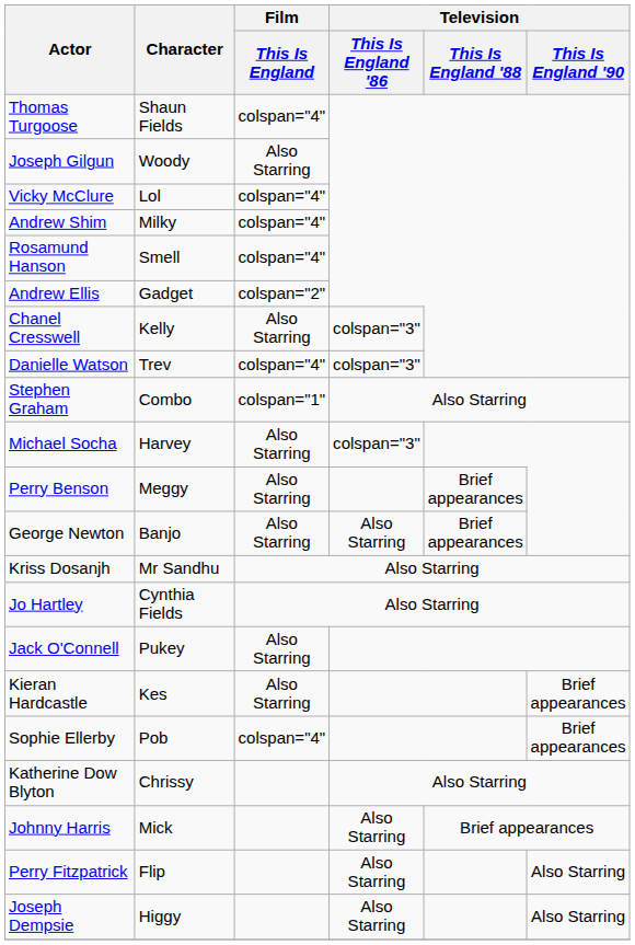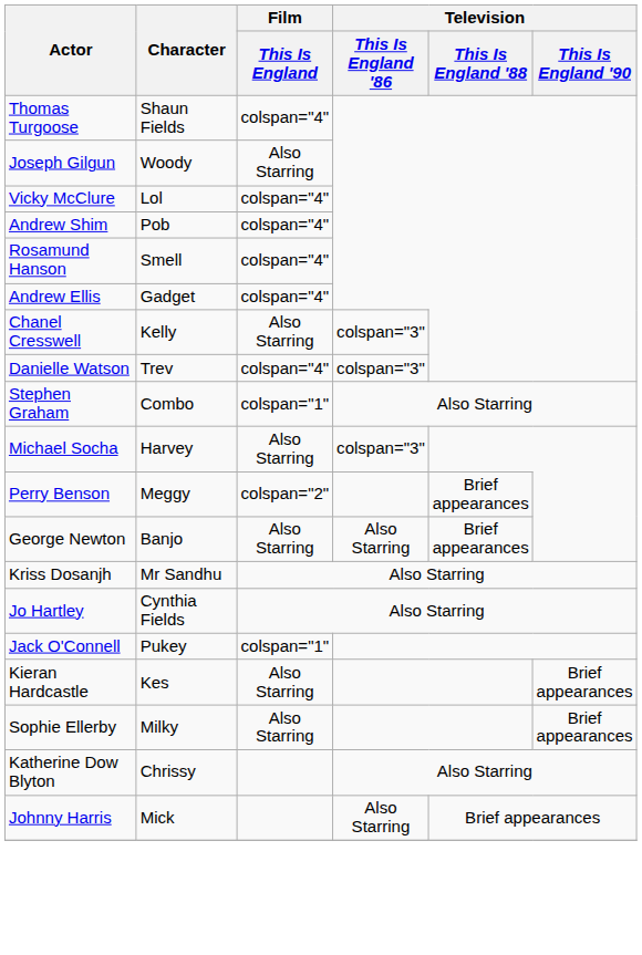 <table class="wikitable">
 <tr>
 <th rowspan="2">Actor</th>
 <th rowspan="2">Character</th>
 <th>Film</th>
 <th colspan="3">Television</th>
 </tr>
 <tr>
 <th style="width:11.16%;"><em><a href='#'>This Is England</a></em></th>
 <th style="width:11.16%;"><em><a href='#'>This Is England '86</a></em></th>
 <th style="width:11.16%;"><em><a href='#'>This Is England '88</a></em></th>
 <th style="width:11.16%;"><em><a href='#'>This Is England '90</a></em></th>
 </tr>
 <tr>
 <td><a href='#'>Thomas Turgoose</a></td>
 <td>Shaun Fields</td>
 <td>colspan="4" </td>
 </tr>
 <tr>
 <td><a href='#'>Joseph Gilgun</a></td>
 <td>Woody</td>
 <td colspan="1" align="center">Also Starring</td>
 </tr>
 <tr>
 <td><a href='#'>Vicky McClure</a></td>
 <td>Lol</td>
 <td>colspan="4" </td>
 </tr>
 <tr>
 <td><a href='#'>Andrew Shim</a></td>
-<td>Milky</td>
+<td>Pob</td>
 <td>colspan="4" </td>
 </tr>
 <tr>
 <td><a href='#'>Rosamund Hanson</a></td>
 <td>Smell</td>
 <td>colspan="4" </td>
 </tr>
 <tr>
 <td><a href='#'>Andrew Ellis</a></td>
 <td>Gadget</td>
-<td>colspan="2" </td>
+<td>colspan="4" </td>
 </tr>
 <tr>
 <td><a href='#'>Chanel Cresswell</a></td>
 <td>Kelly</td>
 <td colspan="1" align="center">Also Starring</td>
 <td>colspan="3" </td>
 </tr>
 <tr>
 <td><a href='#'>Danielle Watson</a></td>
 <td>Trev</td>
 <td>colspan="4" </td>
 <td>colspan="3" </td>
 </tr>
 <tr>
 <td><a href='#'>Stephen Graham</a></td>
 <td>Combo</td>
 <td>colspan="1" </td>
 <td colspan="3"  align="center">Also Starring</td>
 </tr>
 <tr>
 <td><a href='#'>Michael Socha</a></td>
 <td>Harvey</td>
 <td colspan="1" align="center">Also Starring</td>
 <td>colspan="3" </td>
 </tr>
 <tr>
 <td><a href='#'>Perry Benson</a></td>
 <td>Meggy</td>
-<td colspan="1" align="center">Also Starring</td>
+<td>colspan="2" </td>
 <td colspan="1"></td>
 <td colspan="1" align="center">Brief appearances</td>
 </tr>
 <tr>
 <td>George Newton</td>
 <td>Banjo</td>
 <td colspan="1" align="center">Also Starring</td>
 <td colspan="1" align="center">Also Starring</td>
 <td colspan="1" align="center">Brief appearances</td>
 </tr>
 <tr>
 <td>Kriss Dosanjh</td>
 <td>Mr Sandhu</td>
 <td colspan="4" align="center">Also Starring</td>
 </tr>
 <tr>
 <td><a href='#'>Jo Hartley</a></td>
 <td>Cynthia Fields</td>
 <td colspan="4" align="center">Also Starring</td>
 </tr>
 <tr>
 <td><a href='#'>Jack O'Connell</a></td>
 <td>Pukey</td>
-<td colspan="1" align="center">Also Starring</td>
+<td>colspan="1" </td>
 <td colspan="3"></td>
 </tr>
 <tr>
 <td>Kieran Hardcastle</td>
 <td>Kes</td>
 <td colspan="1" align="center">Also Starring</td>
 <td colspan="2"></td>
 <td colspan="1" align="center">Brief appearances</td>
 </tr>
 <tr>
 <td>Sophie Ellerby</td>
-<td>Pob</td>
-<td>colspan="4" </td>
+<td>Milky</td>
+<td colspan="1" align="center">Also Starring</td>
 <td colspan="2"></td>
 <td colspan="1" align="center">Brief appearances</td>
 </tr>
 <tr>
 <td>Katherine Dow Blyton</td>
 <td>Chrissy</td>
 <td colspan="1"></td>
 <td colspan="3" align="center">Also Starring</td>
 </tr>
 <tr>
 <td><a href='#'>Johnny Harris</a></td>
 <td>Mick</td>
 <td colspan="1"></td>
 <td colspan="1" align="center">Also Starring</td>
 <td colspan="2" align="center">Brief appearances</td>
 </tr>
 <tr>
-<td><a href='#'>Perry Fitzpatrick</a></td>
-<td>Flip</td>
-<td colspan="1"></td>
-<td colspan="1" align="center">Also Starring</td>
-<td colspan="1"></td>
-<td colspan="1" align="center">Also Starring</td>
-</tr>
-<tr>
-<td><a href='#'>Joseph Dempsie</a></td>
-<td>Higgy</td>
-<td colspan="1"></td>
-<td colspan="1" align="center">Also Starring</td>
-<td colspan="1"></td>
-<td colspan="1" align="center">Also Starring</td>
-</tr>
-<tr>
 </tr>
 </table>
